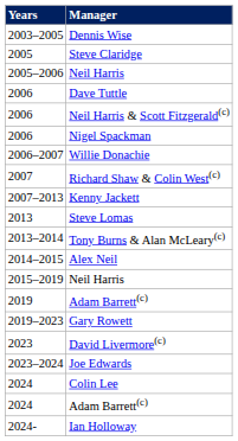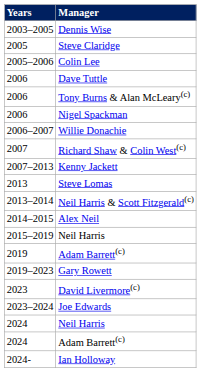 <table class="wikitable" style="background:#fff; text-align:left;">
 <tr style="font-weight:bold; color:#fff; background:#002060;"|>
 <td><strong>Years</strong></td>
 <td><strong>Manager</strong></td>
 </tr>
 <tr>
 <td>2003–2005</td>
 <td> <a href='#'>Dennis Wise</a></td>
 </tr>
 <tr>
 <td>2005</td>
 <td> <a href='#'>Steve Claridge</a></td>
 </tr>
 <tr>
 <td>2005–2006</td>
-<td> <a href='#'>Neil Harris</a></td>
+<td> <a href='#'>Colin Lee</a></td>
 </tr>
 <tr>
 <td>2006</td>
 <td> <a href='#'>Dave Tuttle</a></td>
 </tr>
 <tr>
 <td>2006</td>
-<td> <a href='#'>Neil Harris</a> & <a href='#'>Scott Fitzgerald</a><sup>(c)</sup></td>
+<td> <a href='#'>Tony Burns</a> & Alan McLeary<sup>(c)</sup></td>
 </tr>
 <tr>
 <td>2006</td>
 <td> <a href='#'>Nigel Spackman</a></td>
 </tr>
 <tr>
 <td>2006–2007</td>
 <td> <a href='#'>Willie Donachie</a></td>
 </tr>
 <tr>
 <td>2007</td>
 <td> <a href='#'>Richard Shaw</a> & <a href='#'>Colin West</a><sup>(c)</sup></td>
 </tr>
 <tr>
 <td>2007–2013</td>
 <td> <a href='#'>Kenny Jackett</a></td>
 </tr>
 <tr>
 <td>2013</td>
 <td> <a href='#'>Steve Lomas</a></td>
 </tr>
 <tr>
 <td>2013–2014</td>
-<td> <a href='#'>Tony Burns</a> & Alan McLeary<sup>(c)</sup></td>
+<td> <a href='#'>Neil Harris</a> & <a href='#'>Scott Fitzgerald</a><sup>(c)</sup></td>
 </tr>
 <tr>
 <td>2014–2015</td>
 <td> <a href='#'>Alex Neil</a></td>
 </tr>
 <tr>
 <td>2015–2019</td>
 <td> Neil Harris</td>
 </tr>
 <tr>
 <td>2019</td>
 <td> <a href='#'>Adam Barrett</a><sup>(c)</sup></td>
 </tr>
 <tr>
 <td>2019–2023</td>
 <td> <a href='#'>Gary Rowett</a></td>
 </tr>
 <tr>
 <td>2023</td>
 <td> <a href='#'>David Livermore</a><sup>(c)</sup></td>
 </tr>
 <tr>
 <td>2023–2024</td>
 <td> <a href='#'>Joe Edwards</a></td>
 </tr>
 <tr>
 <td>2024</td>
-<td> <a href='#'>Colin Lee</a></td>
+<td> <a href='#'>Neil Harris</a></td>
 </tr>
 <tr>
 <td>2024</td>
 <td> Adam Barrett<sup>(c)</sup></td>
 </tr>
 <tr>
 <td>2024-</td>
 <td> <a href='#'>Ian Holloway</a></td>
 </tr>
 </table>
